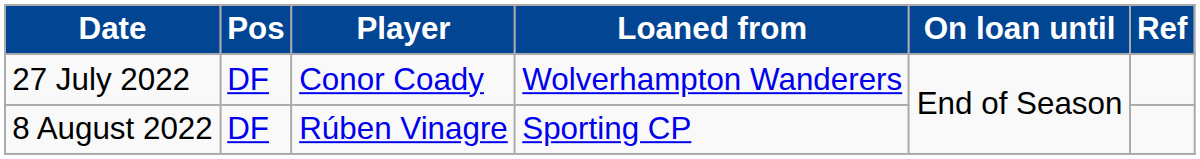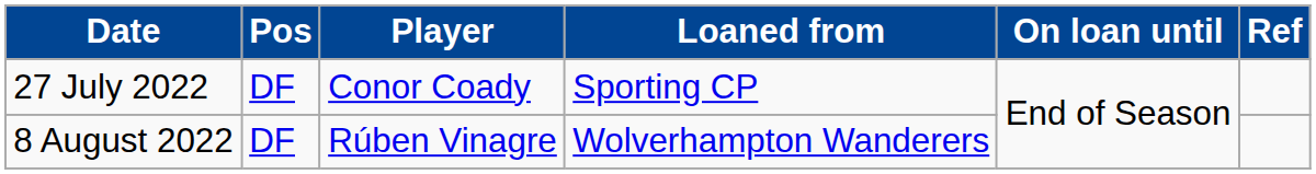 <table class="wikitable plainrowheaders sortable">
 <tr>
 <th style="background:#014593; color:#ffffff; ">Date</th>
 <th style="background:#014593; color:#ffffff; ">Pos</th>
 <th style="background:#014593; color:#ffffff; ">Player</th>
 <th style="background:#014593; color:#ffffff; ">Loaned from</th>
 <th style="background:#014593; color:#ffffff; ">On loan until</th>
 <th style="background:#014593; color:#ffffff; ">Ref</th>
 </tr>
 <tr>
 <td>27 July 2022</td>
 <td><a href='#'>DF</a></td>
 <td> <a href='#'>Conor Coady</a></td>
-<td> <a href='#'>Wolverhampton Wanderers</a></td>
+<td> <a href='#'>Sporting CP</a></td>
 <td rowspan=2>End of Season</td>
 <td></td>
 </tr>
 <tr>
 <td>8 August 2022</td>
 <td><a href='#'>DF</a></td>
 <td> <a href='#'>Rúben Vinagre</a></td>
-<td> <a href='#'>Sporting CP</a></td>
+<td> <a href='#'>Wolverhampton Wanderers</a></td>
 <td></td>
 </tr>
 </table>
